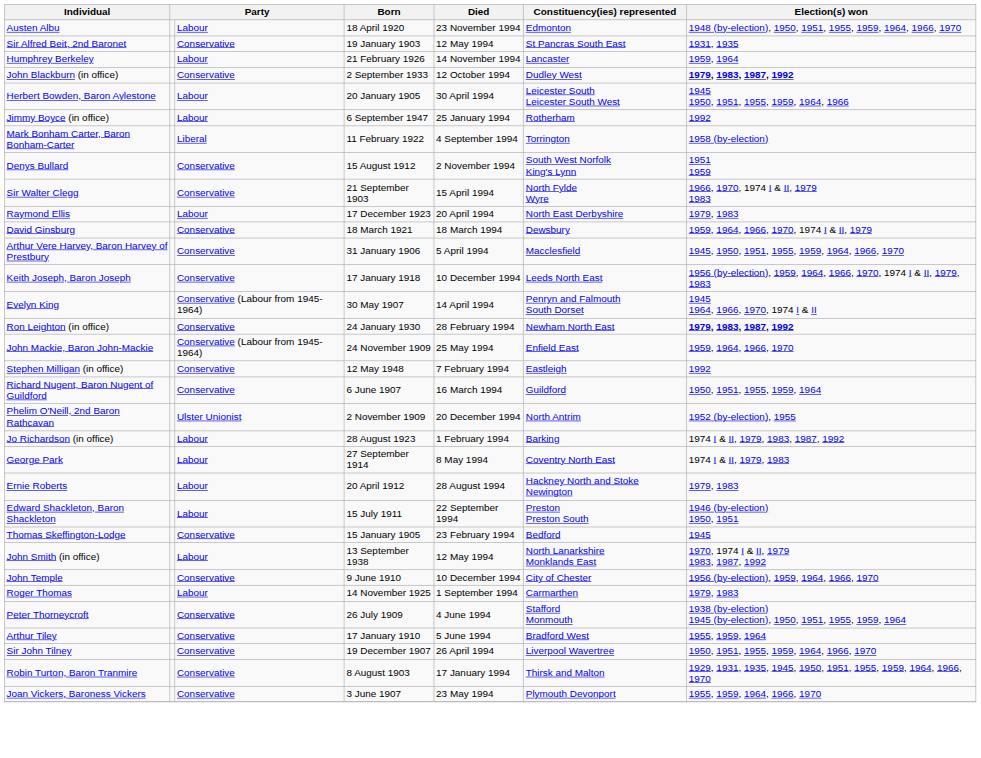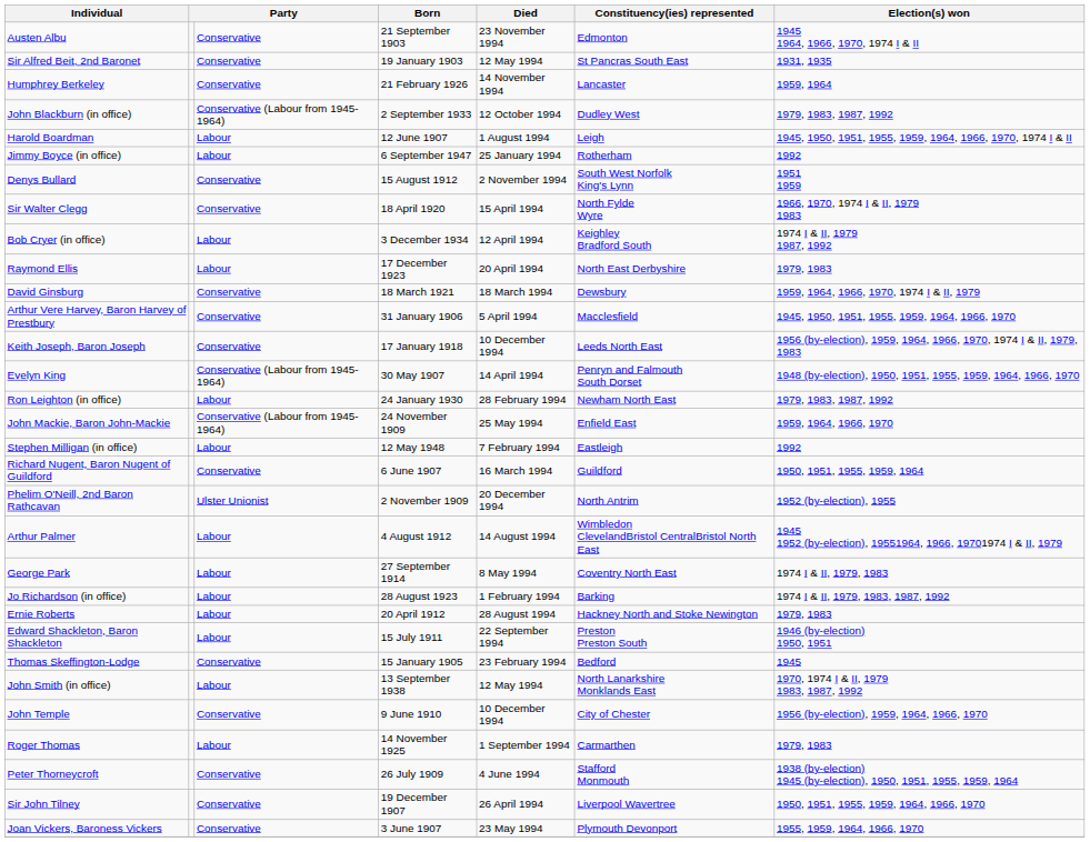 <table class="wikitable sortable">
 <tr>
 <th width="260px">Individual</th>
 <th colspan="2">Party</th>
 <th>Born</th>
 <th>Died</th>
 <th>Constituency(ies) represented</th>
 <th>Election(s) won</th>
 </tr>
 <tr>
 <td><a href='#'>Austen Albu</a></td>
 <td style="background-color: "></td>
-<td><a href='#'>Labour</a></td>
-<td>18 April 1920</td>
+<td><a href='#'>Conservative</a></td>
+<td>21 September 1903</td>
 <td>23 November 1994</td>
 <td><a href='#'>Edmonton</a></td>
-<td><a href='#'>1948 (by-election)</a>, <a href='#'>1950</a>, <a href='#'>1951</a>, <a href='#'>1955</a>, <a href='#'>1959</a>, <a href='#'>1964</a>, <a href='#'>1966</a>, <a href='#'>1970</a></td>
+<td><a href='#'>1945</a><br><a href='#'>1964</a>, <a href='#'>1966</a>, <a href='#'>1970</a>, 1974 <a href='#'>I</a> & <a href='#'>II</a></td>
 </tr>
 <tr>
 <td><a href='#'>Sir Alfred Beit, 2nd Baronet</a></td>
 <td style="background-color: "></td>
 <td><a href='#'>Conservative</a></td>
 <td>19 January 1903</td>
 <td>12 May 1994</td>
 <td><a href='#'>St Pancras South East</a></td>
 <td><a href='#'>1931</a>, <a href='#'>1935</a></td>
 </tr>
 <tr>
 <td><a href='#'>Humphrey Berkeley</a></td>
 <td style="background-color: "></td>
-<td><a href='#'>Labour</a></td>
+<td><a href='#'>Conservative</a></td>
 <td>21 February 1926</td>
 <td>14 November 1994</td>
 <td><a href='#'>Lancaster</a></td>
 <td><a href='#'>1959</a>, <a href='#'>1964</a></td>
 </tr>
 <tr>
 <td><a href='#'>John Blackburn</a> (in office)</td>
 <td style="background-color: "></td>
-<td><a href='#'>Conservative</a></td>
+<td><a href='#'>Conservative</a> (Labour from 1945-1964)</td>
 <td>2 September 1933</td>
 <td>12 October 1994</td>
 <td><a href='#'>Dudley West</a></td>
-<td><strong><a href='#'>1979</a>, <a href='#'>1983</a>, <a href='#'>1987</a>, <a href='#'>1992</a></strong></td>
+<td><a href='#'>1979</a>, <a href='#'>1983</a>, <a href='#'>1987</a>, <a href='#'>1992</a></td>
 </tr>
 <tr>
-<td><a href='#'>Herbert Bowden, Baron Aylestone</a></td>
+<td><a href='#'>Harold Boardman</a></td>
 <td style="background-color: "></td>
 <td><a href='#'>Labour</a></td>
-<td>20 January 1905</td>
-<td>30 April 1994</td>
-<td><a href='#'>Leicester South</a><br><a href='#'>Leicester South West</a></td>
-<td><a href='#'>1945</a><br><a href='#'>1950</a>, <a href='#'>1951</a>, <a href='#'>1955</a>, <a href='#'>1959</a>, <a href='#'>1964</a>, <a href='#'>1966</a></td>
+<td>12 June 1907</td>
+<td>1 August 1994</td>
+<td><a href='#'>Leigh</a></td>
+<td><a href='#'>1945</a>, <a href='#'>1950</a>, <a href='#'>1951</a>, <a href='#'>1955</a>, <a href='#'>1959</a>, <a href='#'>1964</a>, <a href='#'>1966</a>, <a href='#'>1970</a>, 1974 <a href='#'>I</a> & <a href='#'>II</a></td>
 </tr>
 <tr>
 <td><a href='#'>Jimmy Boyce</a> (in office)</td>
 <td style="background-color: "></td>
 <td><a href='#'>Labour</a></td>
 <td>6 September 1947</td>
 <td>25 January 1994</td>
 <td><a href='#'>Rotherham</a></td>
 <td><a href='#'>1992</a></td>
-</tr>
-<tr>
-<td><a href='#'>Mark Bonham Carter, Baron Bonham-Carter</a></td>
-<td style="background-color: "></td>
-<td><a href='#'>Liberal</a></td>
-<td>11 February 1922</td>
-<td>4 September 1994</td>
-<td><a href='#'>Torrington</a></td>
-<td><a href='#'>1958 (by-election)</a></td>
 </tr>
 <tr>
 <td><a href='#'>Denys Bullard</a></td>
 <td style="background-color: "></td>
 <td><a href='#'>Conservative</a></td>
 <td>15 August 1912</td>
 <td>2 November 1994</td>
 <td><a href='#'>South West Norfolk</a><br><a href='#'>King's Lynn</a></td>
 <td><a href='#'>1951</a><br><a href='#'>1959</a></td>
 </tr>
 <tr>
 <td><a href='#'>Sir Walter Clegg</a></td>
 <td style="background-color: "></td>
 <td><a href='#'>Conservative</a></td>
-<td>21 September 1903</td>
+<td>18 April 1920</td>
 <td>15 April 1994</td>
 <td><a href='#'>North Fylde</a><br><a href='#'>Wyre</a></td>
 <td><a href='#'>1966</a>, <a href='#'>1970</a>, 1974 <a href='#'>I</a> & <a href='#'>II</a>, <a href='#'>1979</a><br><a href='#'>1983</a></td>
+</tr>
+<tr>
+<td><a href='#'>Bob Cryer</a> (in office)</td>
+<td style="background-color: "></td>
+<td><a href='#'>Labour</a></td>
+<td>3 December 1934</td>
+<td>12 April 1994</td>
+<td><a href='#'>Keighley</a><br><a href='#'>Bradford South</a></td>
+<td>1974 <a href='#'>I</a> & <a href='#'>II</a>, <a href='#'>1979</a><br><a href='#'>1987</a>, <a href='#'>1992</a></td>
 </tr>
 <tr>
 <td><a href='#'>Raymond Ellis</a></td>
 <td style="background-color: "></td>
 <td><a href='#'>Labour</a></td>
 <td>17 December 1923</td>
 <td>20 April 1994</td>
 <td><a href='#'>North East Derbyshire</a></td>
 <td><a href='#'>1979</a>, <a href='#'>1983</a></td>
 </tr>
 <tr>
 <td><a href='#'>David Ginsburg</a></td>
 <td style="background-color: "></td>
 <td><a href='#'>Conservative</a></td>
 <td>18 March 1921</td>
 <td>18 March 1994</td>
 <td><a href='#'>Dewsbury</a></td>
 <td><a href='#'>1959</a>, <a href='#'>1964</a>, <a href='#'>1966</a>, <a href='#'>1970</a>, 1974 <a href='#'>I</a> & <a href='#'>II</a>, <a href='#'>1979</a></td>
 </tr>
 <tr>
 <td><a href='#'>Arthur Vere Harvey, Baron Harvey of Prestbury</a></td>
 <td style="background-color: "></td>
 <td><a href='#'>Conservative</a></td>
 <td>31 January 1906</td>
 <td>5 April 1994</td>
 <td><a href='#'>Macclesfield</a></td>
 <td><a href='#'>1945</a>, <a href='#'>1950</a>, <a href='#'>1951</a>, <a href='#'>1955</a>, <a href='#'>1959</a>, <a href='#'>1964</a>, <a href='#'>1966</a>, <a href='#'>1970</a></td>
 </tr>
 <tr>
 <td><a href='#'>Keith Joseph, Baron Joseph</a></td>
 <td style="background-color: "></td>
 <td><a href='#'>Conservative</a></td>
 <td>17 January 1918</td>
 <td>10 December 1994</td>
 <td><a href='#'>Leeds North East</a></td>
 <td><a href='#'>1956 (by-election)</a>, <a href='#'>1959</a>, <a href='#'>1964</a>, <a href='#'>1966</a>, <a href='#'>1970</a>, 1974 <a href='#'>I</a> & <a href='#'>II</a>, <a href='#'>1979</a>, <a href='#'>1983</a></td>
 </tr>
 <tr>
 <td><a href='#'>Evelyn King</a></td>
 <td style="background-color: "></td>
 <td><a href='#'>Conservative</a> (Labour from 1945-1964)</td>
 <td>30 May 1907</td>
 <td>14 April 1994</td>
 <td><a href='#'>Penryn and Falmouth</a><br><a href='#'>South Dorset</a></td>
-<td><a href='#'>1945</a><br><a href='#'>1964</a>, <a href='#'>1966</a>, <a href='#'>1970</a>, 1974 <a href='#'>I</a> & <a href='#'>II</a></td>
+<td><a href='#'>1948 (by-election)</a>, <a href='#'>1950</a>, <a href='#'>1951</a>, <a href='#'>1955</a>, <a href='#'>1959</a>, <a href='#'>1964</a>, <a href='#'>1966</a>, <a href='#'>1970</a></td>
 </tr>
 <tr>
 <td><a href='#'>Ron Leighton</a> (in office)</td>
 <td style="background-color: "></td>
-<td><a href='#'>Conservative</a></td>
+<td><a href='#'>Labour</a></td>
 <td>24 January 1930</td>
 <td>28 February 1994</td>
 <td><a href='#'>Newham North East</a></td>
-<td><strong><a href='#'>1979</a>, <a href='#'>1983</a>, <a href='#'>1987</a>, <a href='#'>1992</a></strong></td>
+<td><a href='#'>1979</a>, <a href='#'>1983</a>, <a href='#'>1987</a>, <a href='#'>1992</a></td>
 </tr>
 <tr>
 <td><a href='#'>John Mackie, Baron John-Mackie</a></td>
 <td style="background-color: "></td>
 <td><a href='#'>Conservative</a> (Labour from 1945-1964)</td>
 <td>24 November 1909</td>
 <td>25 May 1994</td>
 <td><a href='#'>Enfield East</a></td>
 <td><a href='#'>1959</a>, <a href='#'>1964</a>, <a href='#'>1966</a>, <a href='#'>1970</a></td>
 </tr>
 <tr>
 <td><a href='#'>Stephen Milligan</a> (in office)</td>
 <td style="background-color: "></td>
-<td><a href='#'>Conservative</a></td>
+<td><a href='#'>Labour</a></td>
 <td>12 May 1948</td>
 <td>7 February 1994</td>
 <td><a href='#'>Eastleigh</a></td>
 <td><a href='#'>1992</a></td>
 </tr>
 <tr>
 <td><a href='#'>Richard Nugent, Baron Nugent of Guildford</a></td>
 <td style="background-color: "></td>
 <td><a href='#'>Conservative</a></td>
 <td>6 June 1907</td>
 <td>16 March 1994</td>
 <td><a href='#'>Guildford</a></td>
 <td><a href='#'>1950</a>, <a href='#'>1951</a>, <a href='#'>1955</a>, <a href='#'>1959</a>, <a href='#'>1964</a></td>
 </tr>
 <tr>
 <td><a href='#'>Phelim O'Neill, 2nd Baron Rathcavan</a></td>
 <td style="background-color: "></td>
 <td><a href='#'>Ulster Unionist</a></td>
 <td>2 November 1909</td>
 <td>20 December 1994</td>
 <td><a href='#'>North Antrim</a></td>
 <td><a href='#'>1952 (by-election)</a>, <a href='#'>1955</a></td>
 </tr>
 <tr>
-<td><a href='#'>Jo Richardson</a> (in office)</td>
+<td><a href='#'>Arthur Palmer</a></td>
 <td style="background-color: "></td>
 <td><a href='#'>Labour</a></td>
-<td>28 August 1923</td>
-<td>1 February 1994</td>
-<td><a href='#'>Barking</a></td>
-<td>1974 <a href='#'>I</a> & <a href='#'>II</a>, <a href='#'>1979</a>, <a href='#'>1983</a>, <a href='#'>1987</a>, <a href='#'>1992</a></td>
+<td>4 August 1912</td>
+<td>14 August 1994</td>
+<td><a href='#'>Wimbledon</a><br><a href='#'>Cleveland</a><a href='#'>Bristol Central</a><a href='#'>Bristol North East</a></td>
+<td><a href='#'>1945</a><br><a href='#'>1952 (by-election)</a>, <a href='#'>1955</a><a href='#'>1964</a>, <a href='#'>1966</a>, <a href='#'>1970</a>1974 <a href='#'>I</a> & <a href='#'>II</a>, <a href='#'>1979</a></td>
 </tr>
 <tr>
 <td><a href='#'>George Park</a></td>
 <td style="background-color: "></td>
 <td><a href='#'>Labour</a></td>
 <td>27 September 1914</td>
 <td>8 May 1994</td>
 <td><a href='#'>Coventry North East</a></td>
 <td>1974 <a href='#'>I</a> & <a href='#'>II</a>, <a href='#'>1979</a>, <a href='#'>1983</a></td>
+</tr>
+<tr>
+<td><a href='#'>Jo Richardson</a> (in office)</td>
+<td style="background-color: "></td>
+<td><a href='#'>Labour</a></td>
+<td>28 August 1923</td>
+<td>1 February 1994</td>
+<td><a href='#'>Barking</a></td>
+<td>1974 <a href='#'>I</a> & <a href='#'>II</a>, <a href='#'>1979</a>, <a href='#'>1983</a>, <a href='#'>1987</a>, <a href='#'>1992</a></td>
 </tr>
 <tr>
 <td><a href='#'>Ernie Roberts</a></td>
 <td style="background-color: "></td>
 <td><a href='#'>Labour</a></td>
 <td>20 April 1912</td>
 <td>28 August 1994</td>
 <td><a href='#'>Hackney North and Stoke Newington</a></td>
 <td><a href='#'>1979</a>, <a href='#'>1983</a></td>
 </tr>
 <tr>
 <td><a href='#'>Edward Shackleton, Baron Shackleton</a></td>
 <td style="background-color: "></td>
 <td><a href='#'>Labour</a></td>
 <td>15 July 1911</td>
 <td>22 September 1994</td>
 <td><a href='#'>Preston</a><br><a href='#'>Preston South</a></td>
 <td><a href='#'>1946 (by-election)</a><br><a href='#'>1950</a>, <a href='#'>1951</a></td>
 </tr>
 <tr>
 <td><a href='#'>Thomas Skeffington-Lodge</a></td>
 <td style="background-color: "></td>
 <td><a href='#'>Conservative</a></td>
 <td>15 January 1905</td>
 <td>23 February 1994</td>
 <td><a href='#'>Bedford</a></td>
 <td><a href='#'>1945</a></td>
 </tr>
 <tr>
 <td><a href='#'>John Smith</a> (in office)</td>
 <td style="background-color: "></td>
 <td><a href='#'>Labour</a></td>
 <td>13 September 1938</td>
 <td>12 May 1994</td>
 <td><a href='#'>North Lanarkshire</a><br><a href='#'>Monklands East</a></td>
 <td><a href='#'>1970</a>, 1974 <a href='#'>I</a> & <a href='#'>II</a>, <a href='#'>1979</a><br><a href='#'>1983</a>, <a href='#'>1987</a>, <a href='#'>1992</a></td>
 </tr>
 <tr>
 <td><a href='#'>John Temple</a></td>
 <td style="background-color: "></td>
 <td><a href='#'>Conservative</a></td>
 <td>9 June 1910</td>
 <td>10 December 1994</td>
 <td><a href='#'>City of Chester</a></td>
 <td><a href='#'>1956 (by-election)</a>, <a href='#'>1959</a>, <a href='#'>1964</a>, <a href='#'>1966</a>, <a href='#'>1970</a></td>
 </tr>
 <tr>
 <td><a href='#'>Roger Thomas</a></td>
 <td style="background-color: "></td>
 <td><a href='#'>Labour</a></td>
 <td>14 November 1925</td>
 <td>1 September 1994</td>
 <td><a href='#'>Carmarthen</a></td>
 <td><a href='#'>1979</a>, <a href='#'>1983</a></td>
 </tr>
 <tr>
 <td><a href='#'>Peter Thorneycroft</a></td>
 <td style="background-color: "></td>
 <td><a href='#'>Conservative</a></td>
 <td>26 July 1909</td>
 <td>4 June 1994</td>
 <td><a href='#'>Stafford</a><br><a href='#'>Monmouth</a></td>
 <td><a href='#'>1938 (by-election)</a><br><a href='#'>1945 (by-election)</a>, <a href='#'>1950</a>, <a href='#'>1951</a>, <a href='#'>1955</a>, <a href='#'>1959</a>, <a href='#'>1964</a></td>
 </tr>
 <tr>
-<td><a href='#'>Arthur Tiley</a></td>
-<td style="background-color: "></td>
-<td><a href='#'>Conservative</a></td>
-<td>17 January 1910</td>
-<td>5 June 1994</td>
-<td><a href='#'>Bradford West</a></td>
-<td><a href='#'>1955</a>, <a href='#'>1959</a>, <a href='#'>1964</a></td>
-</tr>
-<tr>
 <td><a href='#'>Sir John Tilney</a></td>
 <td style="background-color: "></td>
 <td><a href='#'>Conservative</a></td>
 <td>19 December 1907</td>
 <td>26 April 1994</td>
 <td><a href='#'>Liverpool Wavertree</a></td>
 <td><a href='#'>1950</a>, <a href='#'>1951</a>, <a href='#'>1955</a>, <a href='#'>1959</a>, <a href='#'>1964</a>, <a href='#'>1966</a>, <a href='#'>1970</a></td>
-</tr>
-<tr>
-<td><a href='#'>Robin Turton, Baron Tranmire</a></td>
-<td style="background-color: "></td>
-<td><a href='#'>Conservative</a></td>
-<td>8 August 1903</td>
-<td>17 January 1994</td>
-<td><a href='#'>Thirsk and Malton</a></td>
-<td><a href='#'>1929</a>, <a href='#'>1931</a>, <a href='#'>1935</a>, <a href='#'>1945</a>, <a href='#'>1950</a>, <a href='#'>1951</a>, <a href='#'>1955</a>, <a href='#'>1959</a>, <a href='#'>1964</a>, <a href='#'>1966</a>, <a href='#'>1970</a></td>
 </tr>
 <tr>
 <td><a href='#'>Joan Vickers, Baroness Vickers</a></td>
 <td style="background-color: "></td>
 <td><a href='#'>Conservative</a></td>
 <td>3 June 1907</td>
 <td>23 May 1994</td>
 <td><a href='#'>Plymouth Devonport</a></td>
 <td><a href='#'>1955</a>, <a href='#'>1959</a>, <a href='#'>1964</a>, <a href='#'>1966</a>, <a href='#'>1970</a></td>
 </tr>
 <tr>
 </tr>
 </table>
